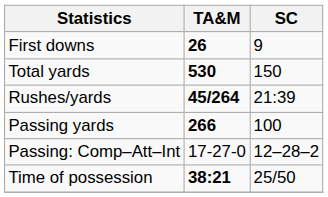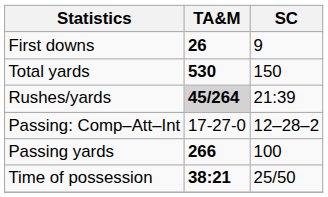 <table class="wikitable" style="float: left;">
 <tr>
 <th>Statistics</th>
 <th>TA&M</th>
 <th>SC</th>
 </tr>
 <tr>
 <td>First downs</td>
 <td><strong>26</strong></td>
 <td>9</td>
 </tr>
 <tr>
 <td>Total yards</td>
 <td><strong>530</strong></td>
 <td>150</td>
 </tr>
 <tr>
 <td>Rushes/yards</td>
-<td><strong>45/264</strong></td>
+<td style="background: lightgrey;"><strong>45/264</strong></td>
 <td>21:39</td>
+</tr>
+<tr>
+<td>Passing: Comp–Att–Int</td>
+<td>17-27-0</td>
+<td>12–28–2</td>
 </tr>
 <tr>
 <td>Passing yards</td>
 <td><strong>266</strong></td>
 <td>100</td>
-</tr>
-<tr>
-<td>Passing: Comp–Att–Int</td>
-<td>17-27-0</td>
-<td>12–28–2</td>
 </tr>
 <tr>
 <td>Time of possession</td>
 <td><strong>38:21</strong></td>
 <td>25/50</td>
 </tr>
 <tr>
 </tr>
 </table>
